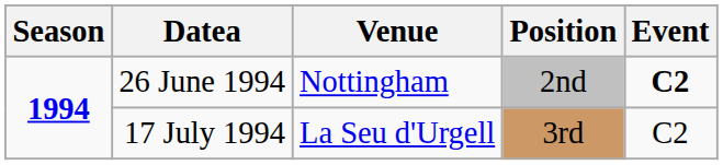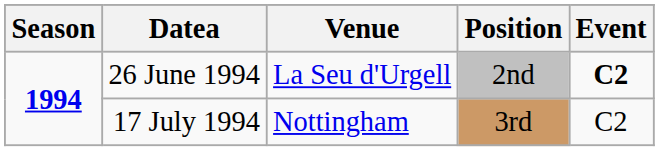 <table class="wikitable" style="text-align:center; font-size:95%;">
 <tr>
 <th>Season</th>
 <th>Datea</th>
 <th>Venue</th>
 <th>Position</th>
 <th>Event</th>
 </tr>
 <tr>
 <td rowspan=2><strong><a href='#'>1994</a></strong></td>
 <td align=right>26 June 1994</td>
-<td align=left><a href='#'>Nottingham</a></td>
+<td align=left><a href='#'>La Seu d'Urgell</a></td>
 <td bgcolor=silver>2nd</td>
 <td><strong>C2</strong></td>
 </tr>
 <tr>
 <td align=right>17 July 1994</td>
-<td align=left><a href='#'>La Seu d'Urgell</a></td>
+<td align=left><a href='#'>Nottingham</a></td>
 <td bgcolor=cc9966>3rd</td>
 <td>C2</td>
 </tr>
 </table>
